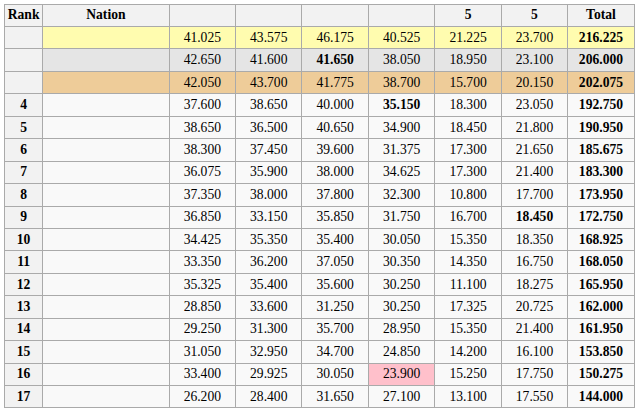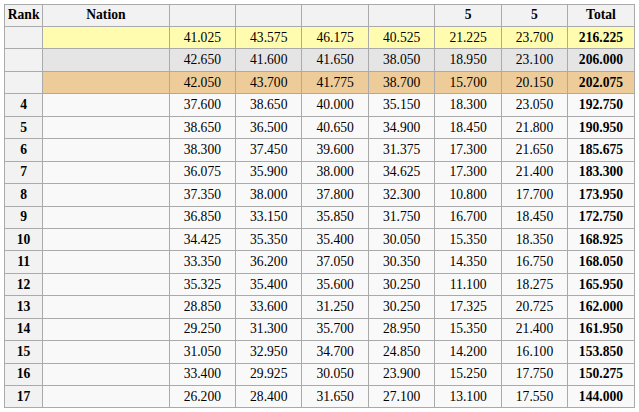 <table class="wikitable sortable" style="text-align:center; font-size:85%">
 <tr>
 <th scope="col" style="width:20px;">Rank</th>
 <th ! scope="col" style="width:120px;">Nation</th>
 <th ! scope="col" style="width:60px;"></th>
 <th ! scope="col" style="width:60px;"></th>
 <th ! scope="col" style="width:60px;"></th>
 <th ! scope="col" style="width:60px;"></th>
 <th ! scope="col" style="width:60px;">5 </th>
 <th ! scope="col" style="width:60px;">5 </th>
 <th ! scope="col" style="width:60px;">Total</th>
 </tr>
 <tr bgcolor=fffcaf>
 <th scope=row></th>
 <td align=left></td>
 <td>41.025</td>
 <td>43.575</td>
 <td>46.175</td>
 <td>40.525</td>
 <td>21.225</td>
 <td>23.700</td>
 <td><strong>216.225</strong></td>
 </tr>
 <tr bgcolor=e5e5e5>
 <th scope=row></th>
 <td align=left></td>
 <td>42.650</td>
 <td>41.600</td>
-<td><strong>41.650</strong></td>
+<td>41.650</td>
 <td>38.050</td>
 <td>18.950</td>
 <td>23.100</td>
 <td><strong>206.000</strong></td>
 </tr>
 <tr bgcolor=eecc99>
 <th scope=row></th>
 <td align=left></td>
 <td>42.050</td>
 <td>43.700</td>
 <td>41.775</td>
 <td>38.700</td>
 <td>15.700</td>
 <td>20.150</td>
 <td><strong>202.075</strong></td>
 </tr>
 <tr>
 <th scope=row>4</th>
 <td align=left></td>
 <td>37.600</td>
 <td>38.650</td>
 <td>40.000</td>
-<td><strong>35.150</strong></td>
+<td>35.150</td>
 <td>18.300</td>
 <td>23.050</td>
 <td><strong>192.750</strong></td>
 </tr>
 <tr>
 <th scope=row>5</th>
 <td align=left></td>
 <td>38.650</td>
 <td>36.500</td>
 <td>40.650</td>
 <td>34.900</td>
 <td>18.450</td>
 <td>21.800</td>
 <td><strong>190.950</strong></td>
 </tr>
 <tr>
 <th scope=row>6</th>
 <td align=left></td>
 <td>38.300</td>
 <td>37.450</td>
 <td>39.600</td>
 <td>31.375</td>
 <td>17.300</td>
 <td>21.650</td>
 <td><strong>185.675</strong></td>
 </tr>
 <tr>
 <th scope=row>7</th>
 <td align=left></td>
 <td>36.075</td>
 <td>35.900</td>
 <td>38.000</td>
 <td>34.625</td>
 <td>17.300</td>
 <td>21.400</td>
 <td><strong>183.300</strong></td>
 </tr>
 <tr>
 <th scope=row>8</th>
 <td align=left></td>
 <td>37.350</td>
 <td>38.000</td>
 <td>37.800</td>
 <td>32.300</td>
 <td>10.800</td>
 <td>17.700</td>
 <td><strong>173.950</strong></td>
 </tr>
 <tr>
 <th scope=row>9</th>
 <td align=left></td>
 <td>36.850</td>
 <td>33.150</td>
 <td>35.850</td>
 <td>31.750</td>
 <td>16.700</td>
-<td><strong>18.450</strong></td>
+<td>18.450</td>
 <td><strong>172.750</strong></td>
 </tr>
 <tr>
 <th scope=row>10</th>
 <td align=left></td>
 <td>34.425</td>
 <td>35.350</td>
 <td>35.400</td>
 <td>30.050</td>
 <td>15.350</td>
 <td>18.350</td>
 <td><strong>168.925</strong></td>
 </tr>
 <tr>
 <th scope=row>11</th>
 <td align=left></td>
 <td>33.350</td>
 <td>36.200</td>
 <td>37.050</td>
 <td>30.350</td>
 <td>14.350</td>
 <td>16.750</td>
 <td><strong>168.050</strong></td>
 </tr>
 <tr>
 <th scope=row>12</th>
 <td align=left></td>
 <td>35.325</td>
 <td>35.400</td>
 <td>35.600</td>
 <td>30.250</td>
 <td>11.100</td>
 <td>18.275</td>
 <td><strong>165.950</strong></td>
 </tr>
 <tr>
 <th scope=row>13</th>
 <td align=left></td>
 <td>28.850</td>
 <td>33.600</td>
 <td>31.250</td>
 <td>30.250</td>
 <td>17.325</td>
 <td>20.725</td>
 <td><strong>162.000</strong></td>
 </tr>
 <tr>
 <th scope=row>14</th>
 <td align=left></td>
 <td>29.250</td>
 <td>31.300</td>
 <td>35.700</td>
 <td>28.950</td>
 <td>15.350</td>
 <td>21.400</td>
 <td><strong>161.950</strong></td>
 </tr>
 <tr>
 <th scope=row>15</th>
 <td align=left></td>
 <td>31.050</td>
 <td>32.950</td>
 <td>34.700</td>
 <td>24.850</td>
 <td>14.200</td>
 <td>16.100</td>
 <td><strong>153.850</strong></td>
 </tr>
 <tr>
 <th scope=row>16</th>
 <td align=left></td>
 <td>33.400</td>
 <td>29.925</td>
 <td>30.050</td>
-<td style="background: pink;">23.900</td>
+<td>23.900</td>
 <td>15.250</td>
 <td>17.750</td>
 <td><strong>150.275</strong></td>
 </tr>
 <tr>
 <th scope=row>17</th>
 <td align=left></td>
 <td>26.200</td>
 <td>28.400</td>
 <td>31.650</td>
 <td>27.100</td>
 <td>13.100</td>
 <td>17.550</td>
 <td><strong>144.000</strong></td>
 </tr>
 <tr>
 </tr>
 </table>
